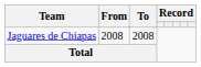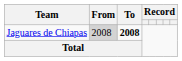 <table class=wikitable style="text-align:center">
 <tr>
 <th rowspan=2>Team</th>
 <th rowspan=2>From</th>
 <th rowspan=2>To</th>
 <th colspan=5>Record</th>
 </tr>
 <tr>
 <th></th>
 <th></th>
 <th></th>
 <th></th>
 <th></th>
 </tr>
 <tr>
 <td align=left><a href='#'>Jaguares de Chiapas</a></td>
-<td align=left>2008</td>
-<td align=left>2008<br></td>
+<td align=left style="background: lightgrey;">2008</td>
+<td align=left><strong>2008<br></strong></td>
 </tr>
 <tr>
 <th colspan=3>Total<br></th>
 </tr>
 </table>
